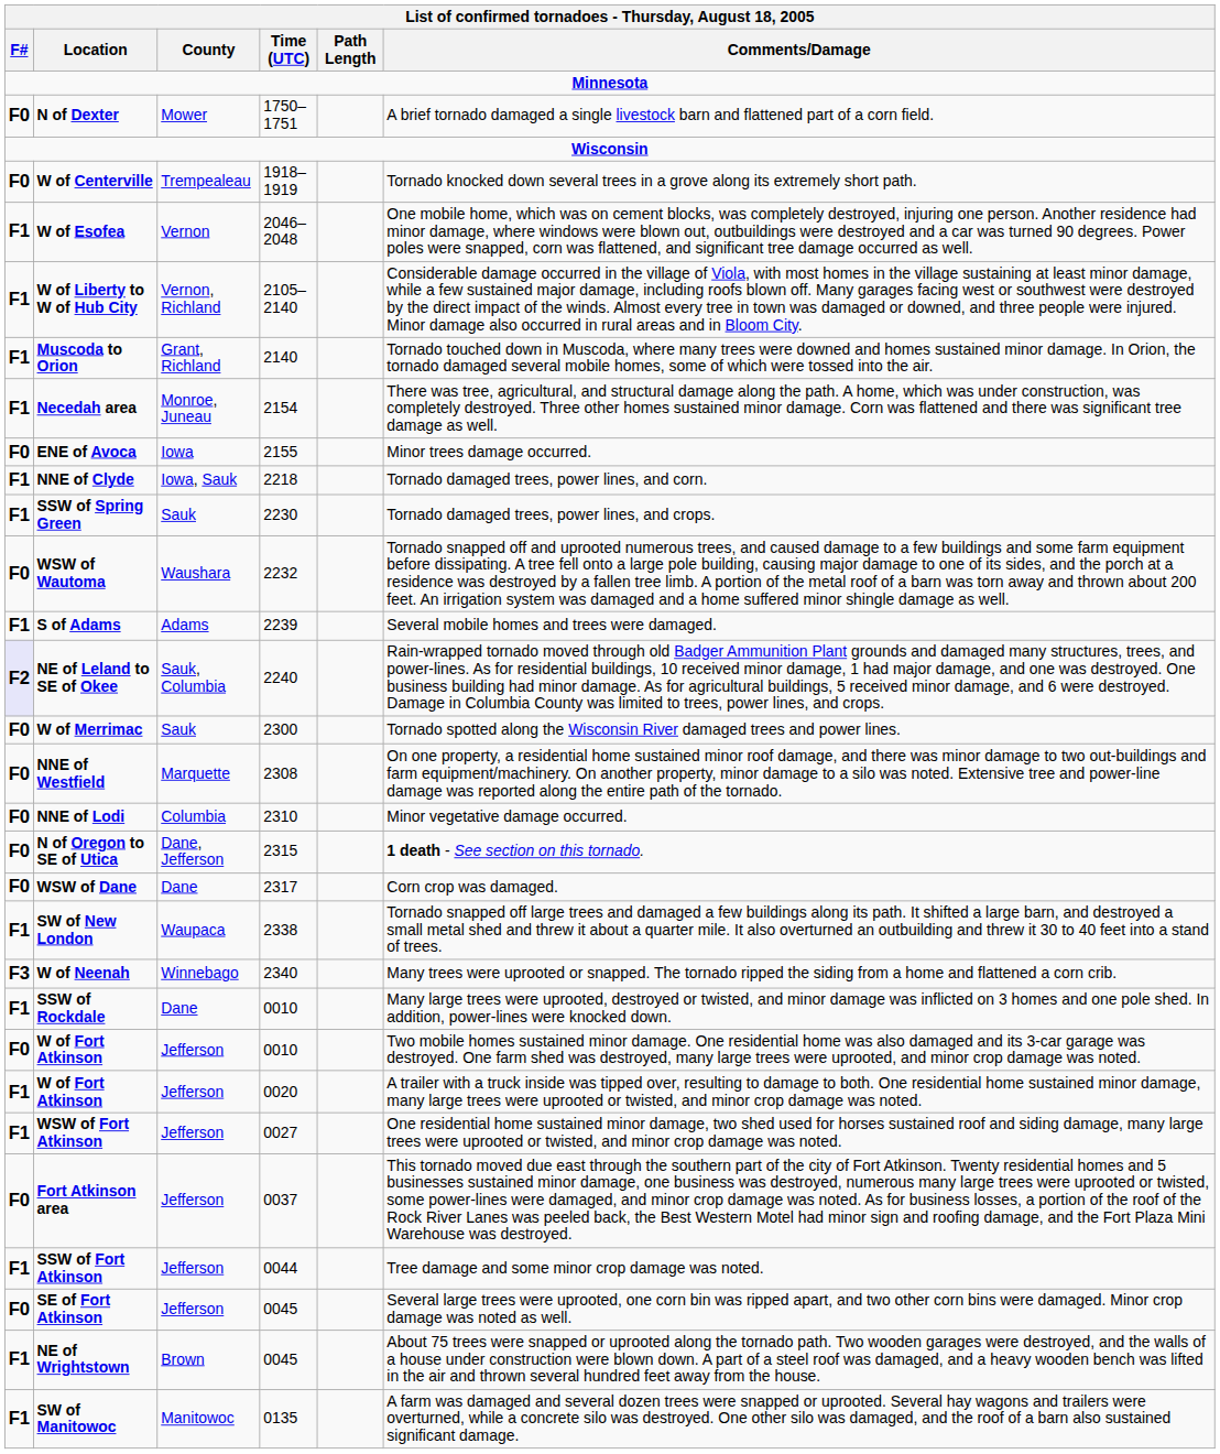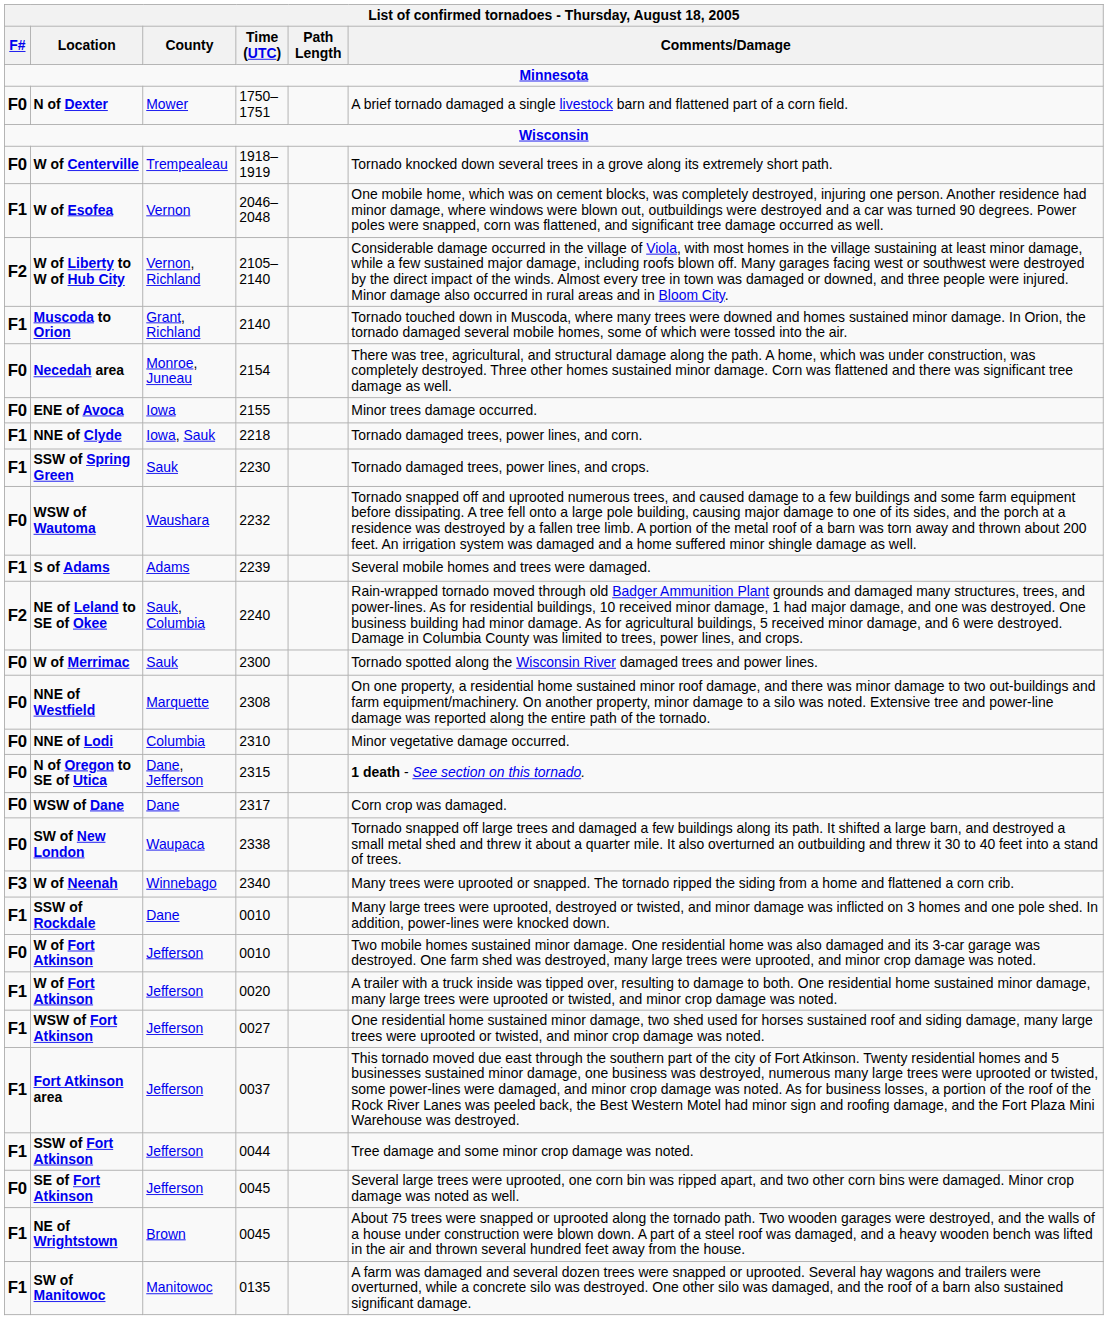 <table class="wikitable collapsible" width="100%">
 <tr>
 <th colspan="7">List of confirmed tornadoes - Thursday, August 18, 2005</th>
 </tr>
 <tr>
 <th><a href='#'>F#</a></th>
 <th>Location</th>
 <th>County</th>
 <th>Time (<a href='#'>UTC</a>)</th>
 <th>Path Length</th>
 <th>Comments/Damage</th>
 </tr>
 <tr>
 <td colspan="7" align=center><strong><a href='#'>Minnesota</a></strong></td>
 </tr>
 <tr>
 <td><big><strong>F0</strong></big></td>
 <td><strong>N of <a href='#'>Dexter</a></strong></td>
 <td><a href='#'>Mower</a></td>
 <td>1750–1751</td>
 <td></td>
 <td>A brief tornado damaged a single <a href='#'>livestock</a> barn and flattened part of a corn field.</td>
 </tr>
 <tr>
 <td colspan="7" align=center><strong><a href='#'>Wisconsin</a></strong></td>
 </tr>
 <tr>
 <td><big><strong>F0</strong></big></td>
 <td><strong>W of <a href='#'>Centerville</a></strong></td>
 <td><a href='#'>Trempealeau</a></td>
 <td>1918–1919</td>
 <td></td>
 <td>Tornado knocked down several trees in a grove along its extremely short path.</td>
 </tr>
 <tr>
 <td><big><strong>F1</strong></big></td>
 <td><strong>W of <a href='#'>Esofea</a></strong></td>
 <td><a href='#'>Vernon</a></td>
 <td>2046–2048</td>
 <td></td>
 <td>One mobile home, which was on cement blocks, was completely destroyed, injuring one person. Another residence had minor damage, where windows were blown out, outbuildings were destroyed and a car was turned 90 degrees. Power poles were snapped, corn was flattened, and significant tree damage occurred as well.</td>
 </tr>
 <tr>
-<td><big><strong>F1</strong></big></td>
+<td><big><strong>F2</strong></big></td>
 <td><strong>W of <a href='#'>Liberty</a> to W of <a href='#'>Hub City</a></strong></td>
 <td><a href='#'>Vernon</a>, <a href='#'>Richland</a></td>
 <td>2105–2140</td>
 <td></td>
 <td>Considerable damage occurred in the village of <a href='#'>Viola</a>, with most homes in the village sustaining at least minor damage, while a few sustained major damage, including roofs blown off. Many garages facing west or southwest were destroyed by the direct impact of the winds. Almost every tree in town was damaged or downed, and three people were injured. Minor damage also occurred in rural areas and in <a href='#'>Bloom City</a>.</td>
 </tr>
 <tr>
 <td><big><strong>F1</strong></big></td>
 <td><strong><a href='#'>Muscoda</a> to <a href='#'>Orion</a></strong></td>
 <td><a href='#'>Grant</a>, <a href='#'>Richland</a></td>
 <td>2140</td>
 <td></td>
 <td>Tornado touched down in Muscoda, where many trees were downed and homes sustained minor damage. In Orion, the tornado damaged several mobile homes, some of which were tossed into the air.</td>
 </tr>
 <tr>
-<td><big><strong>F1</strong></big></td>
+<td><big><strong>F0</strong></big></td>
 <td><strong><a href='#'>Necedah</a> area</strong></td>
 <td><a href='#'>Monroe</a>, <a href='#'>Juneau</a></td>
 <td>2154</td>
 <td></td>
 <td>There was tree, agricultural, and structural damage along the path. A home, which was under construction, was completely destroyed. Three other homes sustained minor damage. Corn was flattened and there was significant tree damage as well.</td>
 </tr>
 <tr>
 <td><big><strong>F0</strong></big></td>
 <td><strong>ENE of <a href='#'>Avoca</a></strong></td>
 <td><a href='#'>Iowa</a></td>
 <td>2155</td>
 <td></td>
 <td>Minor trees damage occurred.</td>
 </tr>
 <tr>
 <td><big><strong>F1</strong></big></td>
 <td><strong>NNE of <a href='#'>Clyde</a></strong></td>
 <td><a href='#'>Iowa</a>, <a href='#'>Sauk</a></td>
 <td>2218</td>
 <td></td>
 <td>Tornado damaged trees, power lines, and corn.</td>
 </tr>
 <tr>
 <td><big><strong>F1</strong></big></td>
 <td><strong>SSW of <a href='#'>Spring Green</a></strong></td>
 <td><a href='#'>Sauk</a></td>
 <td>2230</td>
 <td></td>
 <td>Tornado damaged trees, power lines, and crops.</td>
 </tr>
 <tr>
 <td><big><strong>F0</strong></big></td>
 <td><strong>WSW of <a href='#'>Wautoma</a></strong></td>
 <td><a href='#'>Waushara</a></td>
 <td>2232</td>
 <td></td>
 <td>Tornado snapped off and uprooted numerous trees, and caused damage to a few buildings and some farm equipment before dissipating. A tree fell onto a large pole building, causing major damage to one of its sides, and the porch at a residence was destroyed by a fallen tree limb. A portion of the metal roof of a barn was torn away and thrown about 200 feet. An irrigation system was damaged and a home suffered minor shingle damage as well.</td>
 </tr>
 <tr>
 <td><big><strong>F1</strong></big></td>
 <td><strong>S of <a href='#'>Adams</a></strong></td>
 <td><a href='#'>Adams</a></td>
 <td>2239</td>
 <td></td>
 <td>Several mobile homes and trees were damaged.</td>
 </tr>
 <tr>
-<td style="background: lavender;"><big><strong>F2</strong></big></td>
+<td><big><strong>F2</strong></big></td>
 <td><strong> NE of <a href='#'>Leland</a> to SE of <a href='#'>Okee</a></strong></td>
 <td><a href='#'>Sauk</a>, <a href='#'>Columbia</a></td>
 <td>2240</td>
 <td></td>
 <td>Rain-wrapped tornado moved through old <a href='#'>Badger Ammunition Plant</a> grounds and damaged many structures, trees, and power-lines. As for residential buildings, 10 received minor damage, 1 had major damage, and one was destroyed. One business building had minor damage. As for agricultural buildings, 5 received minor damage, and 6 were destroyed. Damage in Columbia County was limited to trees, power lines, and crops.</td>
 </tr>
 <tr>
 <td><big><strong>F0</strong></big></td>
 <td><strong>W of <a href='#'>Merrimac</a></strong></td>
 <td><a href='#'>Sauk</a></td>
 <td>2300</td>
 <td></td>
 <td>Tornado spotted along the <a href='#'>Wisconsin River</a> damaged trees and power lines.</td>
 </tr>
 <tr>
 <td><big><strong>F0</strong></big></td>
 <td><strong>NNE of <a href='#'>Westfield</a></strong></td>
 <td><a href='#'>Marquette</a></td>
 <td>2308</td>
 <td></td>
 <td>On one property, a residential home sustained minor roof damage, and there was minor damage to two out-buildings and farm equipment/machinery. On another property, minor damage to a silo was noted. Extensive tree and power-line damage was reported along the entire path of the tornado.</td>
 </tr>
 <tr>
 <td><big><strong>F0</strong></big></td>
 <td><strong>NNE of <a href='#'>Lodi</a></strong></td>
 <td><a href='#'>Columbia</a></td>
 <td>2310</td>
 <td></td>
 <td>Minor vegetative damage occurred.</td>
 </tr>
 <tr>
 <td><big><strong>F0</strong></big></td>
 <td><strong>N of <a href='#'>Oregon</a> to SE of <a href='#'>Utica</a></strong></td>
 <td><a href='#'>Dane</a>, <a href='#'>Jefferson</a></td>
 <td>2315</td>
 <td></td>
 <td><strong>1 death</strong> - <em><a href='#'>See section on this tornado</a>.</em></td>
 </tr>
 <tr>
 <td><big><strong>F0</strong></big></td>
 <td><strong>WSW of <a href='#'>Dane</a></strong></td>
 <td><a href='#'>Dane</a></td>
 <td>2317</td>
 <td></td>
 <td>Corn crop was damaged.</td>
 </tr>
 <tr>
-<td><big><strong>F1</strong></big></td>
+<td><big><strong>F0</strong></big></td>
 <td><strong>SW of <a href='#'>New London</a></strong></td>
 <td><a href='#'>Waupaca</a></td>
 <td>2338</td>
 <td></td>
 <td>Tornado snapped off large trees and damaged a few buildings along its path. It shifted a large barn, and destroyed a small metal shed and threw it about a quarter mile. It also overturned an outbuilding and threw it 30 to 40 feet into a stand of trees.</td>
 </tr>
 <tr>
 <td><big><strong>F3</strong></big></td>
 <td><strong>W of <a href='#'>Neenah</a></strong></td>
 <td><a href='#'>Winnebago</a></td>
 <td>2340</td>
 <td></td>
 <td>Many trees were uprooted or snapped. The tornado ripped the siding from a home and flattened a corn crib.</td>
 </tr>
 <tr>
 <td><big><strong>F1</strong></big></td>
 <td><strong>SSW of <a href='#'>Rockdale</a></strong></td>
 <td><a href='#'>Dane</a></td>
 <td>0010</td>
 <td></td>
 <td>Many large trees were uprooted, destroyed or twisted, and minor damage was inflicted on 3 homes and one pole shed. In addition, power-lines were knocked down.</td>
 </tr>
 <tr>
 <td><big><strong>F0</strong></big></td>
 <td><strong>W of <a href='#'>Fort Atkinson</a></strong></td>
 <td><a href='#'>Jefferson</a></td>
 <td>0010</td>
 <td></td>
 <td>Two mobile homes sustained minor damage. One residential home was also damaged and its 3-car garage was destroyed. One farm shed was destroyed, many large trees were uprooted, and minor crop damage was noted.</td>
 </tr>
 <tr>
 <td><big><strong>F1</strong></big></td>
 <td><strong>W of <a href='#'>Fort Atkinson</a></strong></td>
 <td><a href='#'>Jefferson</a></td>
 <td>0020</td>
 <td></td>
 <td>A trailer with a truck inside was tipped over, resulting to damage to both. One residential home sustained minor damage, many large trees were uprooted or twisted, and minor crop damage was noted.</td>
 </tr>
 <tr>
 <td><big><strong>F1</strong></big></td>
 <td><strong>WSW of <a href='#'>Fort Atkinson</a></strong></td>
 <td><a href='#'>Jefferson</a></td>
 <td>0027</td>
 <td></td>
 <td>One residential home sustained minor damage, two shed used for horses sustained roof and siding damage, many large trees were uprooted or twisted, and minor crop damage was noted.</td>
 </tr>
 <tr>
-<td><big><strong>F0</strong></big></td>
+<td><big><strong>F1</strong></big></td>
 <td><strong><a href='#'>Fort Atkinson</a> area</strong></td>
 <td><a href='#'>Jefferson</a></td>
 <td>0037</td>
 <td></td>
 <td>This tornado moved due east through the southern part of the city of Fort Atkinson. Twenty residential homes and 5 businesses sustained minor damage, one business was destroyed, numerous many large trees were uprooted or twisted, some power-lines were damaged, and minor crop damage was noted. As for business losses, a portion of the roof of the Rock River Lanes was peeled back, the Best Western Motel had minor sign and roofing damage, and the Fort Plaza Mini Warehouse was destroyed.</td>
 </tr>
 <tr>
 <td><big><strong>F1</strong></big></td>
 <td><strong>SSW of <a href='#'>Fort Atkinson</a></strong></td>
 <td><a href='#'>Jefferson</a></td>
 <td>0044</td>
 <td></td>
 <td>Tree damage and some minor crop damage was noted.</td>
 </tr>
 <tr>
 <td><big><strong>F0</strong></big></td>
 <td><strong>SE of <a href='#'>Fort Atkinson</a></strong></td>
 <td><a href='#'>Jefferson</a></td>
 <td>0045</td>
 <td></td>
 <td>Several large trees were uprooted, one corn bin was ripped apart, and two other corn bins were damaged. Minor crop damage was noted as well.</td>
 </tr>
 <tr>
 <td><big><strong>F1</strong></big></td>
 <td><strong>NE of <a href='#'>Wrightstown</a></strong></td>
 <td><a href='#'>Brown</a></td>
 <td>0045</td>
 <td></td>
 <td>About 75 trees were snapped or uprooted along the tornado path. Two wooden garages were destroyed, and the walls of a house under construction were blown down. A part of a steel roof was damaged, and a heavy wooden bench was lifted in the air and thrown several hundred feet away from the house.</td>
 </tr>
 <tr>
 <td><big><strong>F1</strong></big></td>
 <td><strong>SW of <a href='#'>Manitowoc</a></strong></td>
 <td><a href='#'>Manitowoc</a></td>
 <td>0135</td>
 <td></td>
 <td>A farm was damaged and several dozen trees were snapped or uprooted. Several hay wagons and trailers were overturned, while a concrete silo was destroyed. One other silo was damaged, and the roof of a barn also sustained significant damage.</td>
 </tr>
 </table>
